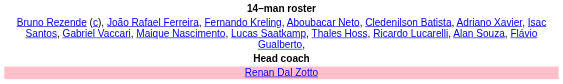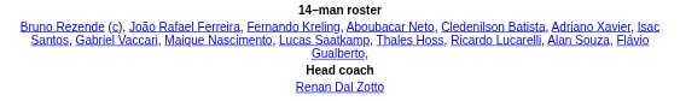 <table style="text-align:center; margin-top:2em; margin-left:auto; margin-right:auto">
 <tr>
 <td><strong>14–man roster</strong></td>
 </tr>
 <tr>
 <td><a href='#'>Bruno Rezende</a> (<a href='#'>c</a>), <a href='#'>João Rafael Ferreira</a>, <a href='#'>Fernando Kreling</a>, <a href='#'>Aboubacar Neto</a>, <a href='#'>Cledenilson Batista</a>, <a href='#'>Adriano Xavier</a>, <a href='#'>Isac Santos</a>, <a href='#'>Gabriel Vaccari</a>, <a href='#'>Maique Nascimento</a>, <a href='#'>Lucas Saatkamp</a>, <a href='#'>Thales Hoss</a>, <a href='#'>Ricardo Lucarelli</a>, <a href='#'>Alan Souza</a>, <a href='#'>Flávio Gualberto</a>,</td>
 </tr>
 <tr>
 <td><strong>Head coach</strong></td>
 </tr>
 <tr>
-<td style="background: pink;"><a href='#'>Renan Dal Zotto</a></td>
+<td><a href='#'>Renan Dal Zotto</a></td>
 </tr>
 </table>
